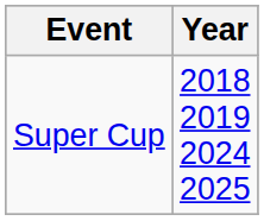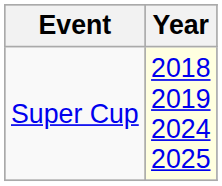 <table class="wikitable">
 <tr>
 <th>Event</th>
 <th>Year</th>
 </tr>
 <tr>
 <td><a href='#'>Super Cup</a></td>
-<td><a href='#'>2018</a><br><a href='#'>2019</a><br><a href='#'>2024</a><br><a href='#'>2025</a></td>
+<td style="background: lightyellow;"><a href='#'>2018</a><br><a href='#'>2019</a><br><a href='#'>2024</a><br><a href='#'>2025</a></td>
 </tr>
 </table>
